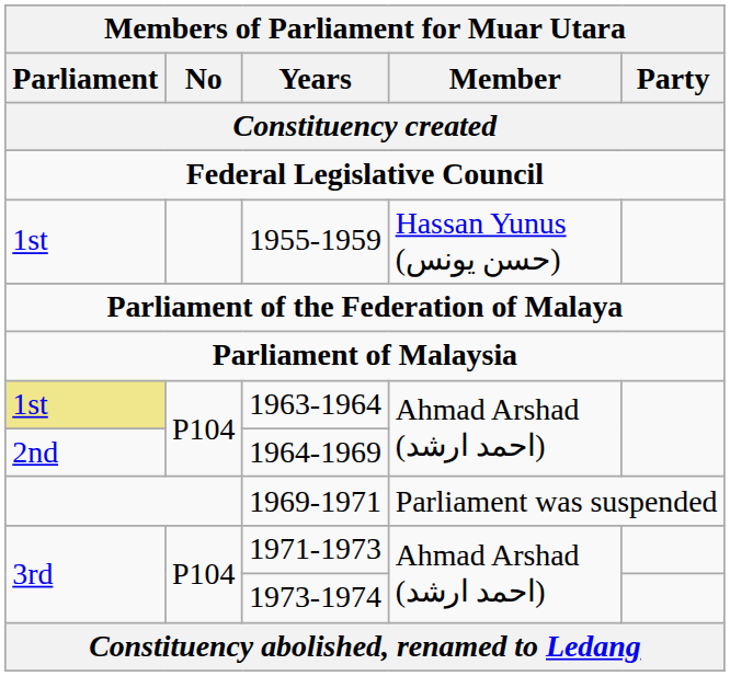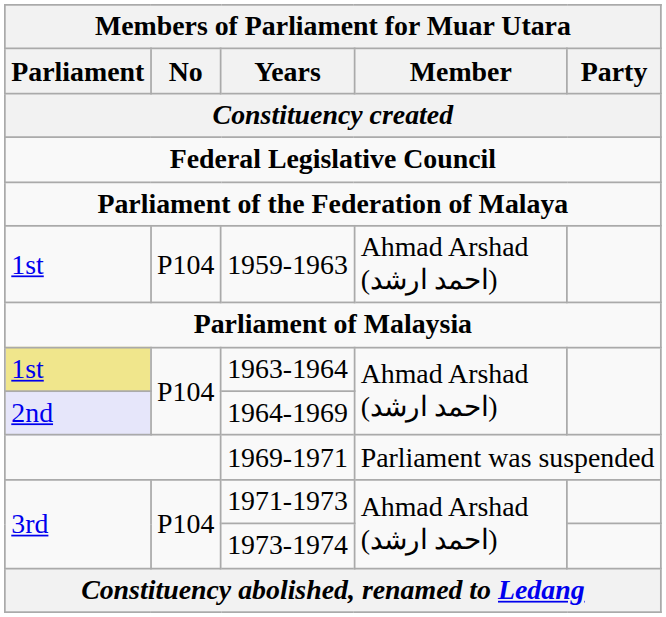 <table class=wikitable>
 <tr>
 <th colspan="5">Members of Parliament for Muar Utara</th>
 </tr>
 <tr>
 <th>Parliament</th>
 <th>No</th>
 <th>Years</th>
 <th>Member</th>
 <th>Party</th>
 </tr>
 <tr>
 <th colspan="5" align="center"><em>Constituency created</em></th>
 </tr>
 <tr>
 <td colspan="5" align="center"><strong>Federal Legislative Council</strong></td>
 </tr>
 <tr>
-<td><a href='#'>1st</a></td>
-<td></td>
-<td>1955-1959</td>
-<td><a href='#'>Hassan Yunus</a>  <br>(حسن يونس‎)</td>
-<td></td>
+<td colspan="5" align="center"><strong>Parliament of the Federation of Malaya</strong></td>
 </tr>
 <tr>
-<td colspan="5" align="center"><strong>Parliament of the Federation of Malaya</strong></td>
+<td><a href='#'>1st</a></td>
+<td>P104</td>
+<td>1959-1963</td>
+<td>Ahmad Arshad <br> (احمد ارشد)</td>
+<td></td>
 </tr>
 <tr>
 <td colspan="5" align="center"><strong>Parliament of Malaysia</strong></td>
 </tr>
 <tr>
 <td style="background: khaki;"><a href='#'>1st</a></td>
 <td rowspan="2">P104</td>
 <td>1963-1964</td>
 <td rowspan=2>Ahmad Arshad <br> (احمد ارشد)</td>
 <td rowspan=2></td>
 </tr>
 <tr>
-<td><a href='#'>2nd</a></td>
+<td style="background: lavender;"><a href='#'>2nd</a></td>
 <td>1964-1969</td>
 </tr>
 <tr>
 <td colspan="2"></td>
 <td>1969-1971</td>
 <td colspan=2 align=center>Parliament was suspended</td>
 </tr>
 <tr>
 <td rowspan=2><a href='#'>3rd</a></td>
 <td rowspan="2">P104</td>
 <td>1971-1973</td>
 <td rowspan=2>Ahmad Arshad  <br>(احمد ارشد)</td>
 <td></td>
 </tr>
 <tr>
 <td>1973-1974</td>
 <td></td>
 </tr>
 <tr>
 <th colspan="5" align="center"><em>Constituency abolished, renamed to <a href='#'>Ledang</a></em></th>
 </tr>
 </table>
